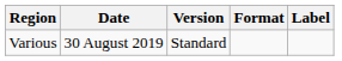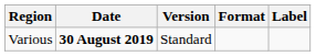 <table class="wikitable">
 <tr>
 <th>Region</th>
 <th>Date</th>
 <th>Version</th>
 <th>Format</th>
 <th>Label</th>
 </tr>
 <tr>
 <td>Various</td>
-<td>30 August 2019</td>
+<td><strong>30 August 2019</strong></td>
 <td rowspan="2">Standard</td>
 <td></td>
 <td rowspan="2"></td>
 </tr>
 </table>
